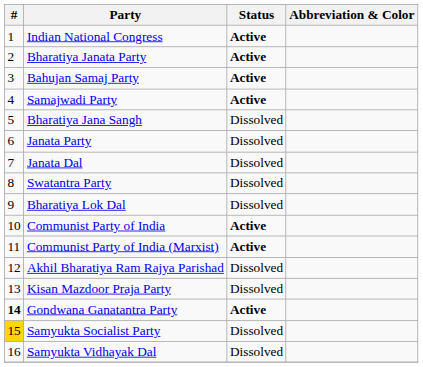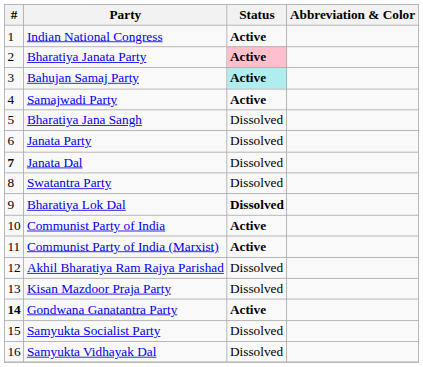 <table class ="wikitable sortable">
 <tr>
 <th>#</th>
 <th>Party</th>
 <th>Status</th>
 <th colspan="2" scope="col">Abbreviation & Color</th>
 </tr>
 <tr>
 <td>1</td>
 <td><a href='#'>Indian National Congress</a></td>
 <td><strong>Active</strong></td>
 <td></td>
 </tr>
 <tr>
 <td>2</td>
 <td><a href='#'>Bharatiya Janata Party</a></td>
-<td><strong>Active</strong></td>
+<td style="background: pink;"><strong>Active</strong></td>
 <td></td>
 </tr>
 <tr>
 <td>3</td>
 <td><a href='#'>Bahujan Samaj Party</a></td>
-<td><strong>Active</strong></td>
+<td style="background: paleturquoise;"><strong>Active</strong></td>
 <td></td>
 </tr>
 <tr>
 <td>4</td>
 <td><a href='#'>Samajwadi Party</a></td>
 <td><strong>Active</strong></td>
 <td></td>
 </tr>
 <tr>
 <td>5</td>
 <td><a href='#'>Bharatiya Jana Sangh</a></td>
 <td>Dissolved</td>
 <td></td>
 </tr>
 <tr>
 <td>6</td>
 <td><a href='#'>Janata Party</a></td>
 <td>Dissolved</td>
 <td></td>
 </tr>
 <tr>
-<td>7</td>
+<td><strong>7</strong></td>
 <td><a href='#'>Janata Dal</a></td>
 <td>Dissolved</td>
 <td></td>
 </tr>
 <tr>
 <td>8</td>
 <td><a href='#'>Swatantra Party</a></td>
 <td>Dissolved</td>
 <td></td>
 </tr>
 <tr>
 <td>9</td>
 <td><a href='#'>Bharatiya Lok Dal</a></td>
-<td>Dissolved</td>
+<td><strong>Dissolved</strong></td>
 <td></td>
 </tr>
 <tr>
 <td>10</td>
 <td><a href='#'>Communist Party of India</a></td>
 <td><strong>Active</strong></td>
 <td></td>
 </tr>
 <tr>
 <td>11</td>
 <td><a href='#'>Communist Party of India (Marxist)</a></td>
 <td><strong>Active</strong></td>
 <td></td>
 </tr>
 <tr>
 <td>12</td>
 <td><a href='#'>Akhil Bharatiya Ram Rajya Parishad</a></td>
 <td>Dissolved</td>
 <td></td>
 </tr>
 <tr>
 <td>13</td>
 <td><a href='#'>Kisan Mazdoor Praja Party</a></td>
 <td>Dissolved</td>
 <td></td>
 </tr>
 <tr>
 <td><strong>14</strong></td>
 <td><a href='#'>Gondwana Ganatantra Party</a></td>
 <td><strong>Active</strong></td>
 <td></td>
 </tr>
 <tr>
-<td style="background: gold;">15</td>
+<td>15</td>
 <td><a href='#'>Samyukta Socialist Party</a></td>
 <td>Dissolved</td>
 <td></td>
 </tr>
 <tr>
 <td>16</td>
 <td><a href='#'>Samyukta Vidhayak Dal</a></td>
 <td>Dissolved</td>
 <td></td>
 </tr>
 <tr>
 </tr>
 </table>
